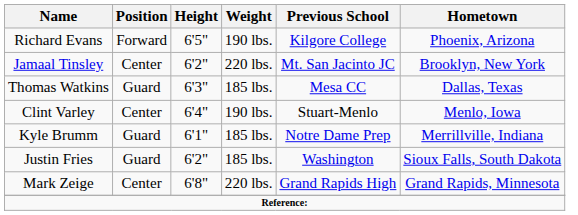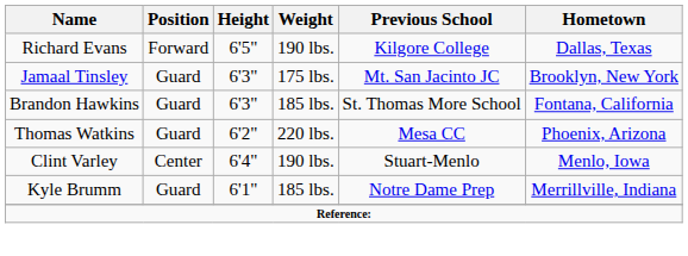 <table class="wikitable" style="text-align: center">
 <tr align=center>
 <th>Name</th>
 <th>Position</th>
 <th>Height</th>
 <th>Weight</th>
 <th>Previous School</th>
 <th>Hometown</th>
 </tr>
 <tr>
 <td>Richard Evans</td>
 <td>Forward</td>
 <td>6'5"</td>
 <td>190 lbs.</td>
 <td><a href='#'>Kilgore College</a></td>
-<td><a href='#'>Phoenix, Arizona</a></td>
+<td><a href='#'>Dallas, Texas</a></td>
 </tr>
 <tr>
 <td><a href='#'>Jamaal Tinsley</a></td>
-<td>Center</td>
-<td>6'2"</td>
-<td>220 lbs.</td>
+<td>Guard</td>
+<td>6'3"</td>
+<td>175 lbs.</td>
 <td><a href='#'>Mt. San Jacinto JC</a></td>
 <td><a href='#'>Brooklyn, New York</a></td>
 </tr>
 <tr>
-<td>Thomas Watkins</td>
+<td>Brandon Hawkins</td>
 <td>Guard</td>
 <td>6'3"</td>
 <td>185 lbs.</td>
+<td>St. Thomas More School</td>
+<td><a href='#'>Fontana, California</a></td>
+</tr>
+<tr>
+<td>Thomas Watkins</td>
+<td>Guard</td>
+<td>6'2"</td>
+<td>220 lbs.</td>
 <td><a href='#'>Mesa CC</a></td>
-<td><a href='#'>Dallas, Texas</a></td>
+<td><a href='#'>Phoenix, Arizona</a></td>
 </tr>
 <tr>
 <td>Clint Varley</td>
 <td>Center</td>
 <td>6'4"</td>
 <td>190 lbs.</td>
 <td>Stuart-Menlo</td>
 <td><a href='#'>Menlo, Iowa</a></td>
 </tr>
 <tr>
 <td>Kyle Brumm</td>
 <td>Guard</td>
 <td>6'1"</td>
 <td>185 lbs.</td>
 <td><a href='#'>Notre Dame Prep</a></td>
 <td><a href='#'>Merrillville, Indiana</a></td>
 </tr>
 <tr>
-<td>Justin Fries</td>
-<td>Guard</td>
-<td>6'2"</td>
-<td>185 lbs.</td>
-<td><a href='#'>Washington</a></td>
-<td><a href='#'>Sioux Falls, South Dakota</a></td>
-</tr>
-<tr>
-<td>Mark Zeige</td>
-<td>Center</td>
-<td>6'8"</td>
-<td>220 lbs.</td>
-<td><a href='#'>Grand Rapids High</a></td>
-<td><a href='#'>Grand Rapids, Minnesota</a></td>
-</tr>
-<tr>
 </tr>
 <tr>
 <td colspan="6"  style="font-size:8pt; text-align:center;"><strong>Reference:</strong></td>
 </tr>
 </table>
